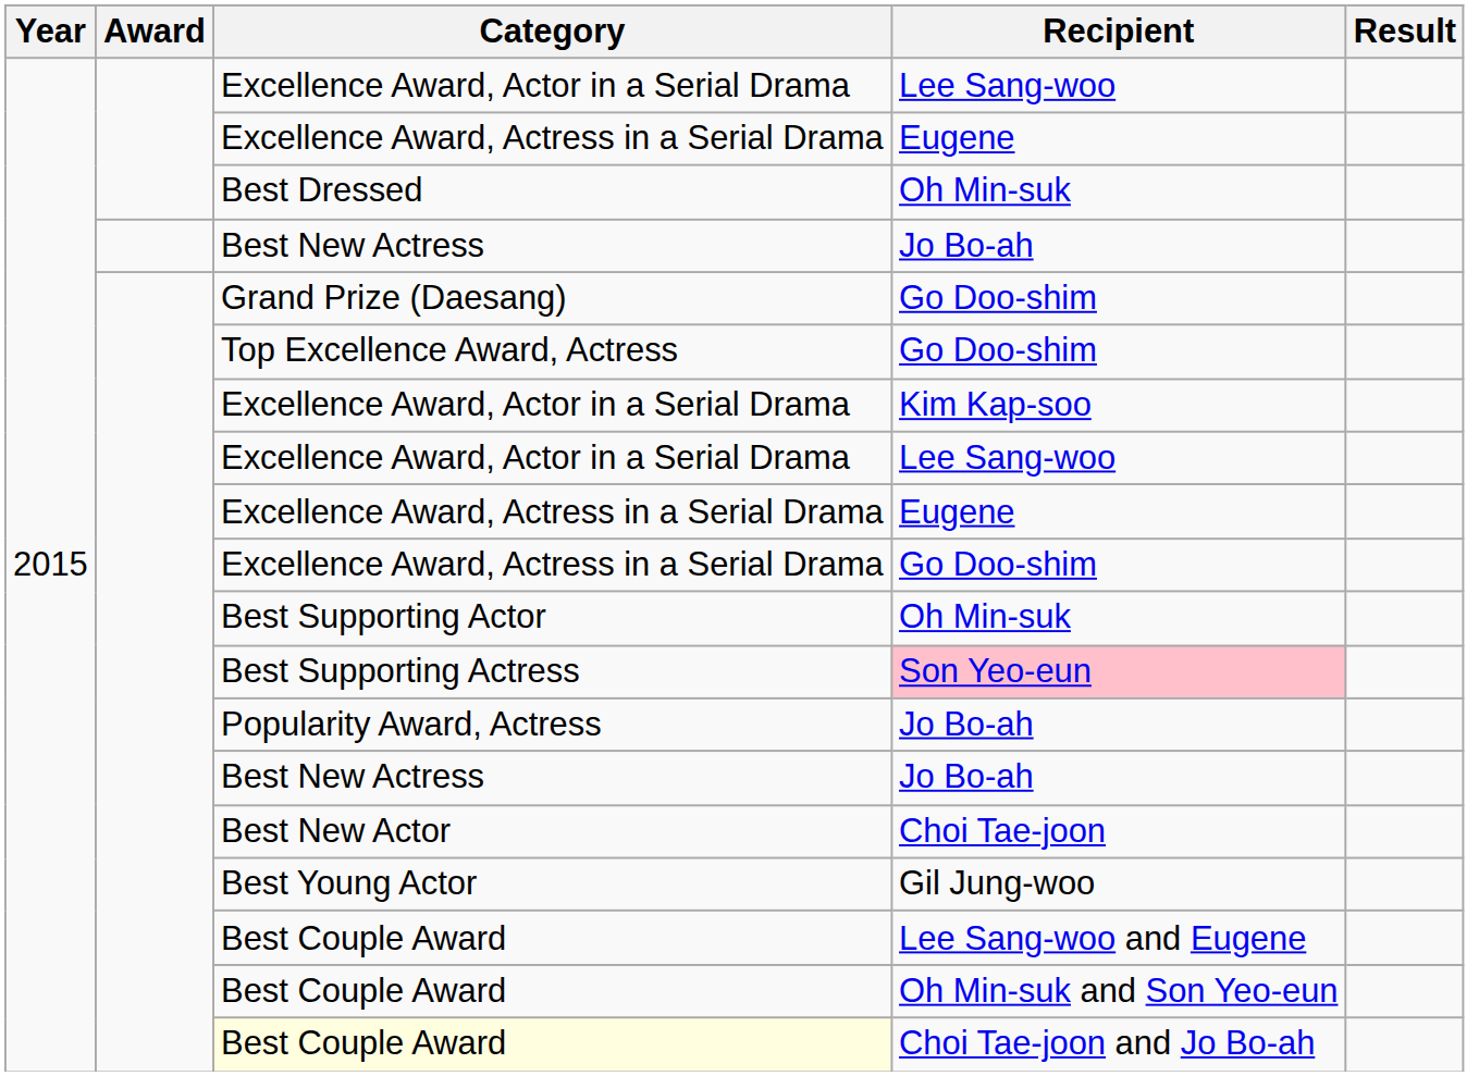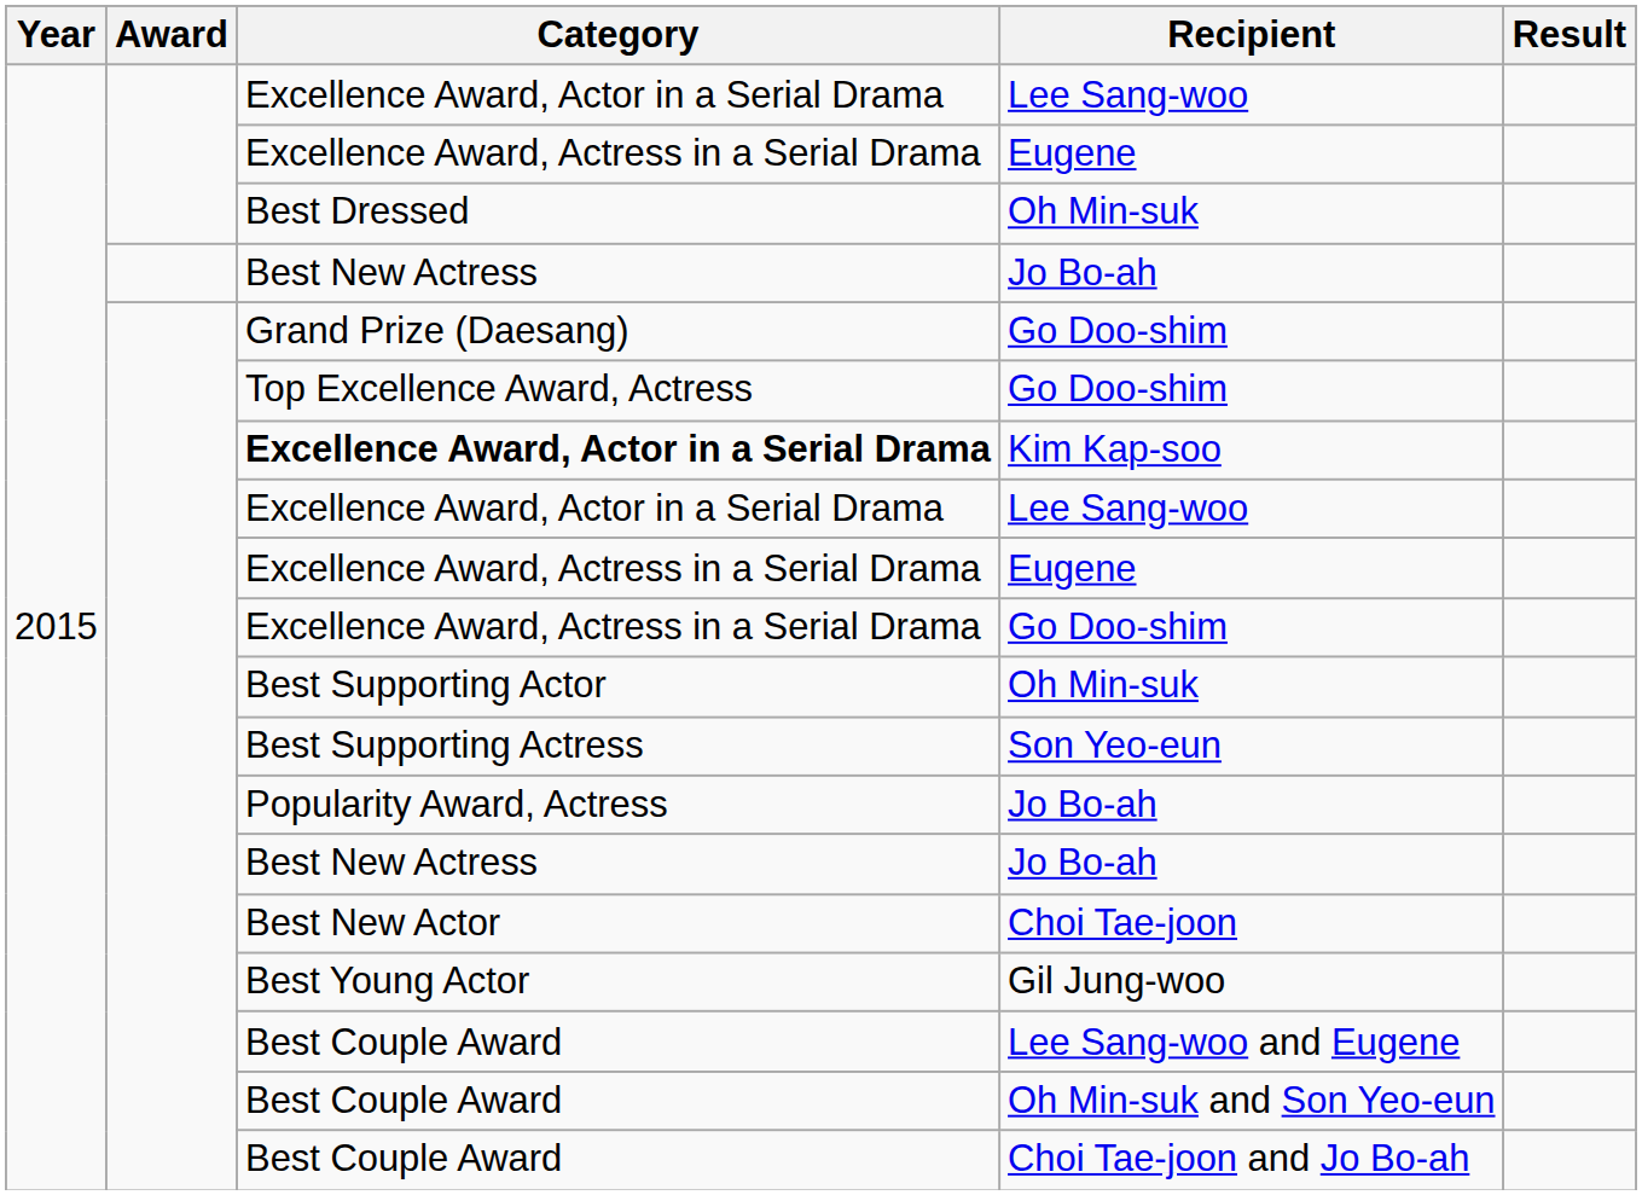 <table class="wikitable">
 <tr>
 <th>Year</th>
 <th>Award</th>
 <th>Category</th>
 <th>Recipient</th>
 <th>Result</th>
 </tr>
 <tr>
 <td rowspan=19>2015</td>
 <td rowspan=3></td>
 <td>Excellence Award, Actor in a Serial Drama</td>
 <td><a href='#'>Lee Sang-woo</a></td>
 <td></td>
 </tr>
 <tr>
 <td>Excellence Award, Actress in a Serial Drama</td>
 <td><a href='#'>Eugene</a></td>
 <td></td>
 </tr>
 <tr>
 <td>Best Dressed</td>
 <td><a href='#'>Oh Min-suk</a></td>
 <td></td>
 </tr>
 <tr>
 <td></td>
 <td>Best New Actress</td>
 <td><a href='#'>Jo Bo-ah</a></td>
 <td></td>
 </tr>
 <tr>
 <td rowspan="15"></td>
 <td>Grand Prize (Daesang)</td>
 <td><a href='#'>Go Doo-shim</a></td>
 <td></td>
 </tr>
 <tr>
 <td>Top Excellence Award, Actress</td>
 <td><a href='#'>Go Doo-shim</a></td>
 <td></td>
 </tr>
 <tr>
-<td>Excellence Award, Actor in a Serial Drama</td>
+<td><strong>Excellence Award, Actor in a Serial Drama</strong></td>
 <td><a href='#'>Kim Kap-soo</a></td>
 <td></td>
 </tr>
 <tr>
 <td>Excellence Award, Actor in a Serial Drama</td>
 <td><a href='#'>Lee Sang-woo</a></td>
 <td></td>
 </tr>
 <tr>
 <td>Excellence Award, Actress in a Serial Drama</td>
 <td><a href='#'>Eugene</a></td>
 <td></td>
 </tr>
 <tr>
 <td>Excellence Award, Actress in a Serial Drama</td>
 <td><a href='#'>Go Doo-shim</a></td>
 <td></td>
 </tr>
 <tr>
 <td>Best Supporting Actor</td>
 <td><a href='#'>Oh Min-suk</a></td>
 <td></td>
 </tr>
 <tr>
 <td>Best Supporting Actress</td>
-<td style="background: pink;"><a href='#'>Son Yeo-eun</a></td>
+<td><a href='#'>Son Yeo-eun</a></td>
 <td></td>
 </tr>
 <tr>
 <td>Popularity Award, Actress</td>
 <td><a href='#'>Jo Bo-ah</a></td>
 <td></td>
 </tr>
 <tr>
 <td>Best New Actress</td>
 <td><a href='#'>Jo Bo-ah</a></td>
 <td></td>
 </tr>
 <tr>
 <td>Best New Actor</td>
 <td><a href='#'>Choi Tae-joon</a></td>
 <td></td>
 </tr>
 <tr>
 <td>Best Young Actor</td>
 <td>Gil Jung-woo</td>
 <td></td>
 </tr>
 <tr>
 <td>Best Couple Award</td>
 <td><a href='#'>Lee Sang-woo</a> and <a href='#'>Eugene</a></td>
 <td></td>
 </tr>
 <tr>
 <td>Best Couple Award</td>
 <td><a href='#'>Oh Min-suk</a> and <a href='#'>Son Yeo-eun</a></td>
 <td></td>
 </tr>
 <tr>
-<td style="background: lightyellow;">Best Couple Award</td>
+<td>Best Couple Award</td>
 <td><a href='#'>Choi Tae-joon</a> and <a href='#'>Jo Bo-ah</a></td>
 <td></td>
 </tr>
 </table>
